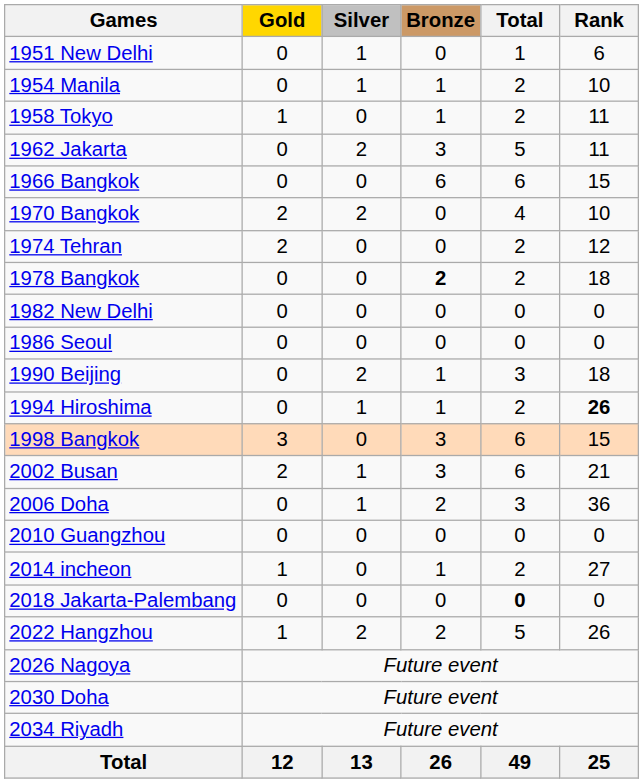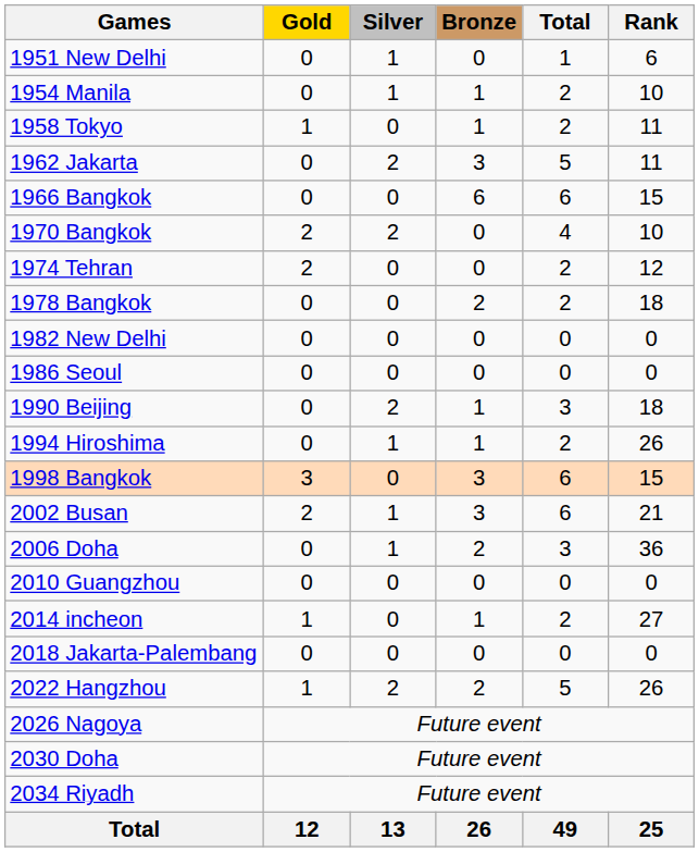 <table class="wikitable sortable" style="text-align:center;">
 <tr>
 <th width=180>Games</th>
 <th scope="col" style="background:gold; width:55px;">Gold</th>
 <th scope="col" style="background:silver; width:55px;">Silver</th>
 <th scope="col" style="background:#cc9966; width:55px;">Bronze</th>
 <th width=55>Total</th>
 <th width=55>Rank</th>
 </tr>
 <tr>
 <td align=left> <a href='#'>1951 New Delhi</a></td>
 <td>0</td>
 <td>1</td>
 <td>0</td>
 <td>1</td>
 <td>6</td>
 </tr>
 <tr class="sortbottom">
 <td align=left> <a href='#'>1954 Manila</a></td>
 <td>0</td>
 <td>1</td>
 <td>1</td>
 <td>2</td>
 <td>10</td>
 </tr>
 <tr class="sortbottom">
 <td align=left> <a href='#'>1958 Tokyo</a></td>
 <td>1</td>
 <td>0</td>
 <td>1</td>
 <td>2</td>
 <td>11</td>
 </tr>
 <tr class="sortbottom">
 <td align=left> <a href='#'>1962 Jakarta</a></td>
 <td>0</td>
 <td>2</td>
 <td>3</td>
 <td>5</td>
 <td>11</td>
 </tr>
 <tr class="sortbottom">
 <td align=left> <a href='#'>1966 Bangkok</a></td>
 <td>0</td>
 <td>0</td>
 <td>6</td>
 <td>6</td>
 <td>15</td>
 </tr>
 <tr>
 <td align=left> <a href='#'>1970 Bangkok</a></td>
 <td>2</td>
 <td>2</td>
 <td>0</td>
 <td>4</td>
 <td>10</td>
 </tr>
 <tr class="sortbottom">
 <td align=left> <a href='#'>1974 Tehran</a></td>
 <td>2</td>
 <td>0</td>
 <td>0</td>
 <td>2</td>
 <td>12</td>
 </tr>
 <tr class="sortbottom">
 <td align=left> <a href='#'>1978 Bangkok</a></td>
 <td>0</td>
 <td>0</td>
-<td><strong>2</strong></td>
+<td>2</td>
 <td>2</td>
 <td>18</td>
 </tr>
 <tr class="sortbottom">
 <td align=left> <a href='#'>1982 New Delhi</a></td>
 <td>0</td>
 <td>0</td>
 <td>0</td>
 <td>0</td>
 <td>0</td>
 </tr>
 <tr>
 <td align=left> <a href='#'>1986 Seoul</a></td>
 <td>0</td>
 <td>0</td>
 <td>0</td>
 <td>0</td>
 <td>0</td>
 </tr>
 <tr>
 <td align=left> <a href='#'>1990 Beijing</a></td>
 <td>0</td>
 <td>2</td>
 <td>1</td>
 <td>3</td>
 <td>18</td>
 </tr>
 <tr>
 <td align=left> <a href='#'>1994 Hiroshima</a></td>
 <td>0</td>
 <td>1</td>
 <td>1</td>
 <td>2</td>
-<td><strong>26</strong></td>
+<td>26</td>
 </tr>
 <tr bgcolor=ffdab9>
 <td align=left> <a href='#'>1998 Bangkok</a></td>
 <td>3</td>
 <td>0</td>
 <td>3</td>
 <td>6</td>
 <td>15</td>
 </tr>
 <tr>
 <td align=left> <a href='#'>2002 Busan</a></td>
 <td>2</td>
 <td>1</td>
 <td>3</td>
 <td>6</td>
 <td>21</td>
 </tr>
 <tr>
 <td align=left> <a href='#'>2006 Doha</a></td>
 <td>0</td>
 <td>1</td>
 <td>2</td>
 <td>3</td>
 <td>36</td>
 </tr>
 <tr>
 <td align=left> <a href='#'>2010 Guangzhou</a></td>
 <td>0</td>
 <td>0</td>
 <td>0</td>
 <td>0</td>
 <td>0</td>
 </tr>
 <tr>
 <td align=left> <a href='#'>2014 incheon</a></td>
 <td>1</td>
 <td>0</td>
 <td>1</td>
 <td>2</td>
 <td>27</td>
 </tr>
 <tr>
 <td align=left> <a href='#'>2018 Jakarta-Palembang</a></td>
 <td>0</td>
 <td>0</td>
 <td>0</td>
-<td><strong>0</strong></td>
+<td>0</td>
 <td>0</td>
 </tr>
 <tr>
 <td align=left> <a href='#'>2022 Hangzhou</a></td>
 <td>1</td>
 <td>2</td>
 <td>2</td>
 <td>5</td>
 <td>26</td>
 </tr>
 <tr>
 <td align=left> <a href='#'>2026 Nagoya</a></td>
 <td colspan=5><em>Future event</em></td>
 </tr>
 <tr>
 <td align=left> <a href='#'>2030 Doha</a></td>
 <td colspan=5><em>Future event</em></td>
 </tr>
 <tr>
 <td align=left> <a href='#'>2034 Riyadh</a></td>
 <td colspan=5><em>Future event</em></td>
 </tr>
 <tr class="sortbottom">
 <th>Total</th>
 <th>12</th>
 <th>13</th>
 <th>26</th>
 <th>49</th>
 <th>25</th>
 </tr>
 </table>
